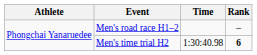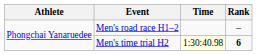 <table class=wikitable style="font-size:90%">
 <tr>
 <th>Athlete</th>
 <th>Event</th>
 <th>Time</th>
 <th>Rank</th>
 </tr>
 <tr>
 <td rowspan=2><a href='#'>Phongchai Yanaruedee</a></td>
 <td><a href='#'>Men's road race H1–2</a></td>
 <td align=center></td>
 <td align=center>–</td>
 </tr>
 <tr>
 <td><a href='#'>Men's time trial H2</a></td>
-<td>1:30:40.98</td>
+<td style="background: lightyellow;">1:30:40.98</td>
 <td align=center><strong>6</strong></td>
 </tr>
 </table>
